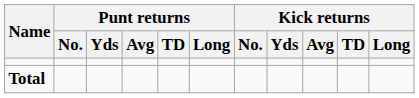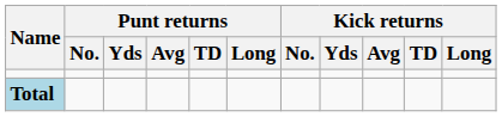 <table class="wikitable" style="white-space:nowrap;">
 <tr>
 <th rowspan="2">Name</th>
 <th colspan="5">Punt returns</th>
 <th colspan="5">Kick returns</th>
 </tr>
 <tr>
 <th>No.</th>
 <th>Yds</th>
 <th>Avg</th>
 <th>TD</th>
 <th>Long</th>
 <th>No.</th>
 <th>Yds</th>
 <th>Avg</th>
 <th>TD</th>
 <th>Long</th>
 </tr>
 <tr>
 <td></td>
 <td></td>
 <td></td>
 <td></td>
 <td></td>
 <td></td>
 <td></td>
 <td></td>
 <td></td>
 <td></td>
 <td></td>
 </tr>
 <tr>
-<td><strong>Total</strong></td>
+<td style="background: lightblue;"><strong>Total</strong></td>
 <td></td>
 <td></td>
 <td></td>
 <td></td>
 <td></td>
 <td></td>
 <td></td>
 <td></td>
 <td></td>
 <td></td>
 </tr>
 </table>
